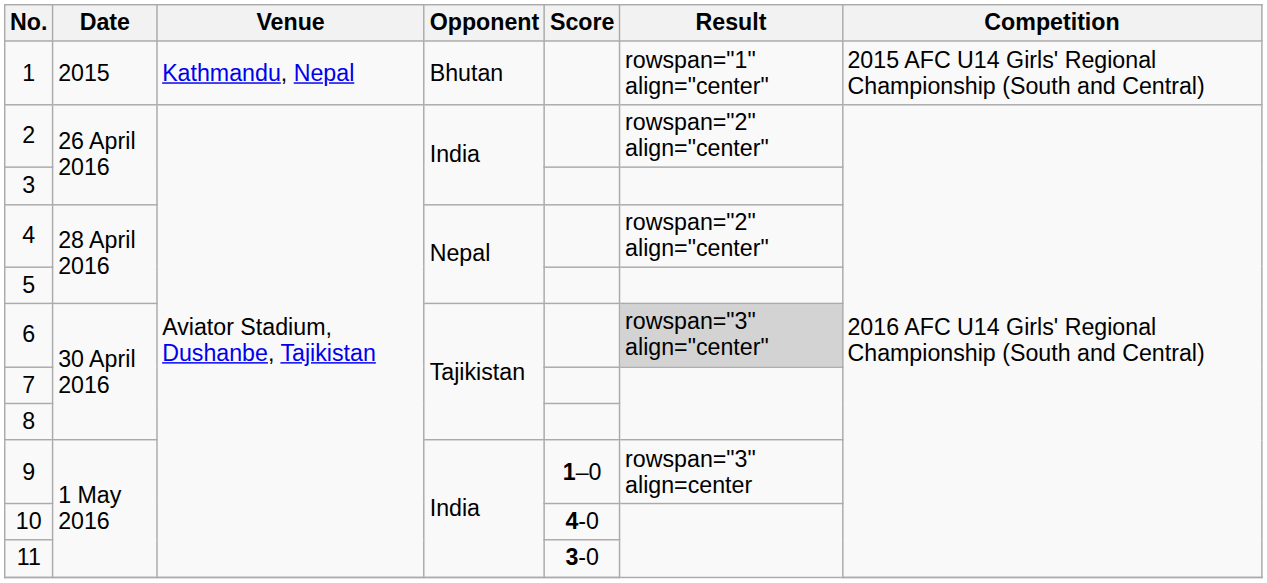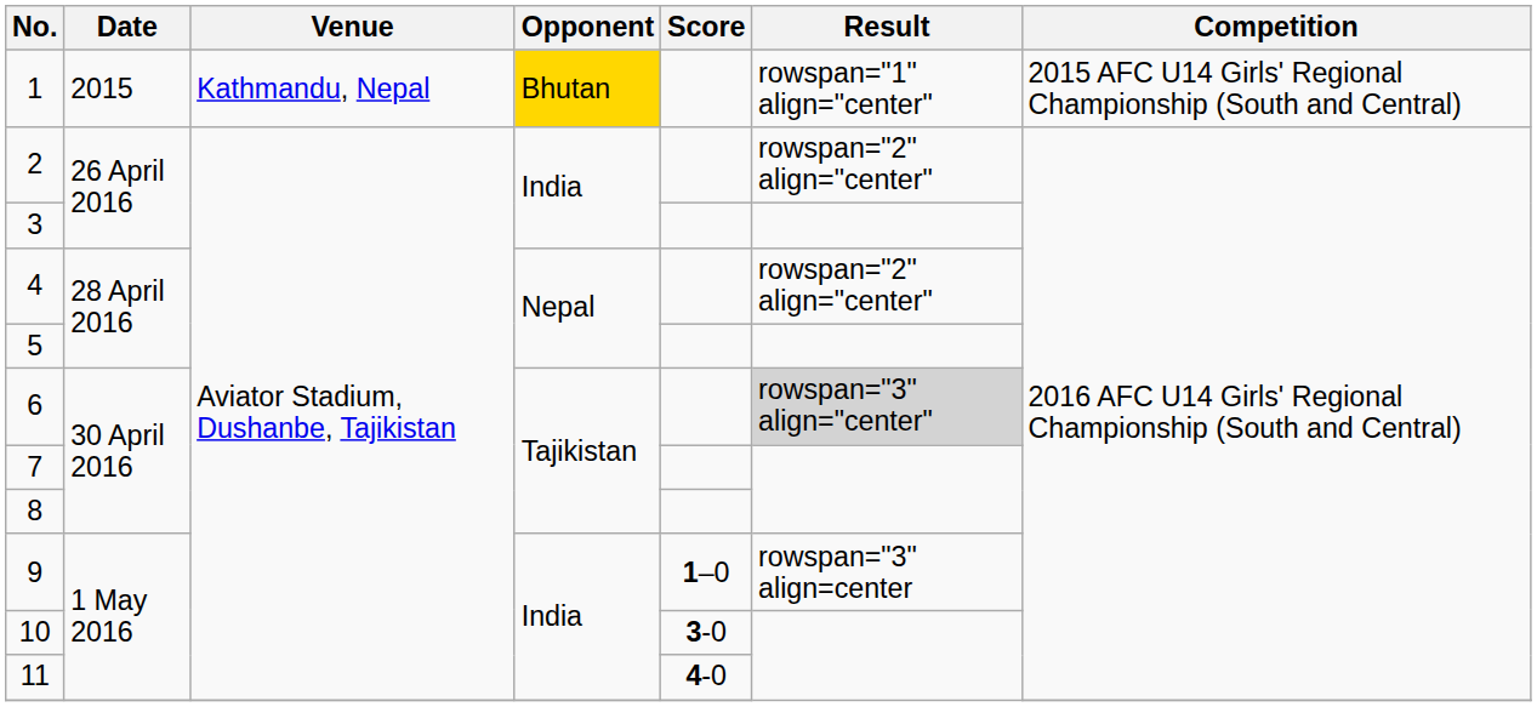 <table class="wikitable">
 <tr>
 <th>No.</th>
 <th>Date</th>
 <th>Venue</th>
 <th>Opponent</th>
 <th>Score</th>
 <th>Result</th>
 <th>Competition</th>
 </tr>
 <tr>
 <td align=center>1</td>
 <td rowspan="1">2015</td>
 <td rowspan="1"><a href='#'>Kathmandu</a>, <a href='#'>Nepal</a></td>
-<td rowspan="1">Bhutan</td>
+<td rowspan="1" style="background: gold;">Bhutan</td>
 <td align=center></td>
 <td>rowspan="1" align="center" </td>
 <td rowspan="1">2015 AFC U14 Girls' Regional Championship (South and Central)</td>
 </tr>
 <tr>
 <td align=center>2</td>
 <td rowspan="2">26 April 2016</td>
 <td rowspan="10">Aviator Stadium, <a href='#'>Dushanbe</a>, <a href='#'>Tajikistan</a></td>
 <td rowspan="2">India</td>
 <td align=center></td>
 <td>rowspan="2" align="center" </td>
 <td rowspan="10">2016 AFC U14 Girls' Regional Championship (South and Central)</td>
 </tr>
 <tr>
 <td align=center>3</td>
 <td align=center></td>
 </tr>
 <tr>
 <td align=center>4</td>
 <td rowspan="2">28 April 2016</td>
 <td rowspan="2">Nepal</td>
 <td align=center></td>
 <td>rowspan="2" align="center" </td>
 </tr>
 <tr>
 <td align=center>5</td>
 <td align=center></td>
 </tr>
 <tr>
 <td align=center>6</td>
 <td rowspan="3">30 April 2016</td>
 <td rowspan="3">Tajikistan</td>
 <td align=center></td>
 <td style="background: lightgrey;">rowspan="3" align="center" </td>
 </tr>
 <tr>
 <td align=center>7</td>
 <td align=center></td>
 </tr>
 <tr>
 <td align=center>8</td>
 <td align=center></td>
 </tr>
 <tr>
 <td align=center>9</td>
 <td rowspan="3">1 May 2016</td>
 <td rowspan="3">India</td>
 <td align=center><strong>1</strong>–0</td>
 <td>rowspan="3" align=center </td>
 </tr>
 <tr>
 <td align=center>10</td>
-<td align=center><strong>4</strong>-0</td>
+<td align=center><strong>3</strong>-0</td>
 </tr>
 <tr>
 <td align=center>11</td>
-<td align=center><strong>3</strong>-0</td>
+<td align=center><strong>4</strong>-0</td>
 </tr>
 <tr>
 </tr>
 </table>
